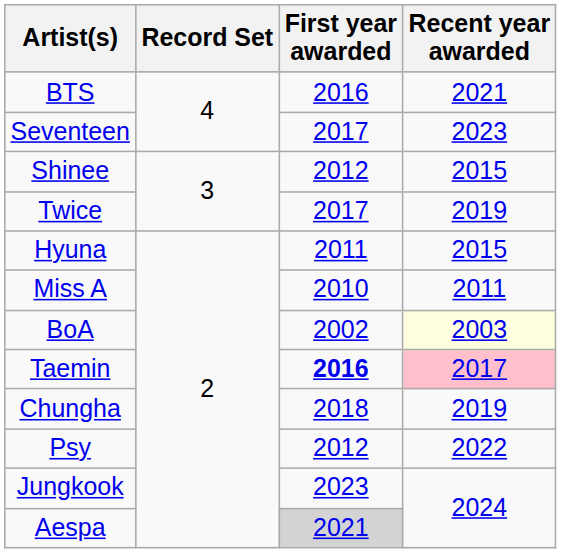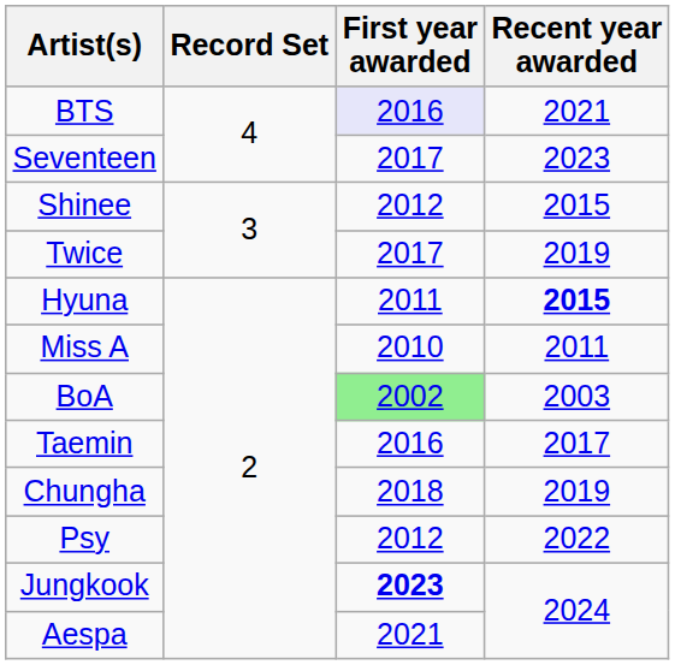 <table class="wikitable" style="text-align:center;">
 <tr>
 <th>Artist(s)</th>
 <th>Record Set</th>
 <th>First year<br>awarded</th>
 <th>Recent year<br>awarded</th>
 </tr>
 <tr>
 <td><a href='#'>BTS</a></td>
 <td rowspan="2">4</td>
-<td><a href='#'>2016</a></td>
+<td style="background: lavender;"><a href='#'>2016</a></td>
 <td><a href='#'>2021</a></td>
 </tr>
 <tr>
 <td><a href='#'>Seventeen</a></td>
 <td><a href='#'>2017</a></td>
 <td><a href='#'>2023</a></td>
 </tr>
 <tr>
 <td><a href='#'>Shinee</a></td>
 <td rowspan="2">3</td>
 <td><a href='#'>2012</a></td>
 <td><a href='#'>2015</a></td>
 </tr>
 <tr>
 <td><a href='#'>Twice</a></td>
 <td><a href='#'>2017</a></td>
 <td><a href='#'>2019</a></td>
 </tr>
 <tr>
 <td><a href='#'>Hyuna</a></td>
 <td rowspan="8">2</td>
 <td><a href='#'>2011</a></td>
-<td><a href='#'>2015</a></td>
+<td><strong><a href='#'>2015</a></strong></td>
 </tr>
 <tr>
 <td><a href='#'>Miss A</a></td>
 <td><a href='#'>2010</a></td>
 <td><a href='#'>2011</a></td>
 </tr>
 <tr>
 <td><a href='#'>BoA</a></td>
-<td><a href='#'>2002</a></td>
-<td style="background: lightyellow;"><a href='#'>2003</a></td>
+<td style="background: lightgreen;"><a href='#'>2002</a></td>
+<td><a href='#'>2003</a></td>
 </tr>
 <tr>
 <td><a href='#'>Taemin</a></td>
-<td><strong><a href='#'>2016</a></strong></td>
-<td style="background: pink;"><a href='#'>2017</a></td>
+<td><a href='#'>2016</a></td>
+<td><a href='#'>2017</a></td>
 </tr>
 <tr>
 <td><a href='#'>Chungha</a></td>
 <td><a href='#'>2018</a></td>
 <td><a href='#'>2019</a></td>
 </tr>
 <tr>
 <td><a href='#'>Psy</a></td>
 <td><a href='#'>2012</a></td>
 <td><a href='#'>2022</a></td>
 </tr>
 <tr>
 <td><a href='#'>Jungkook</a></td>
-<td><a href='#'>2023</a></td>
+<td><strong><a href='#'>2023</a></strong></td>
 <td rowspan="2"><a href='#'>2024</a></td>
 </tr>
 <tr>
 <td><a href='#'>Aespa</a></td>
-<td style="background: lightgrey;"><a href='#'>2021</a></td>
+<td><a href='#'>2021</a></td>
 </tr>
 </table>
